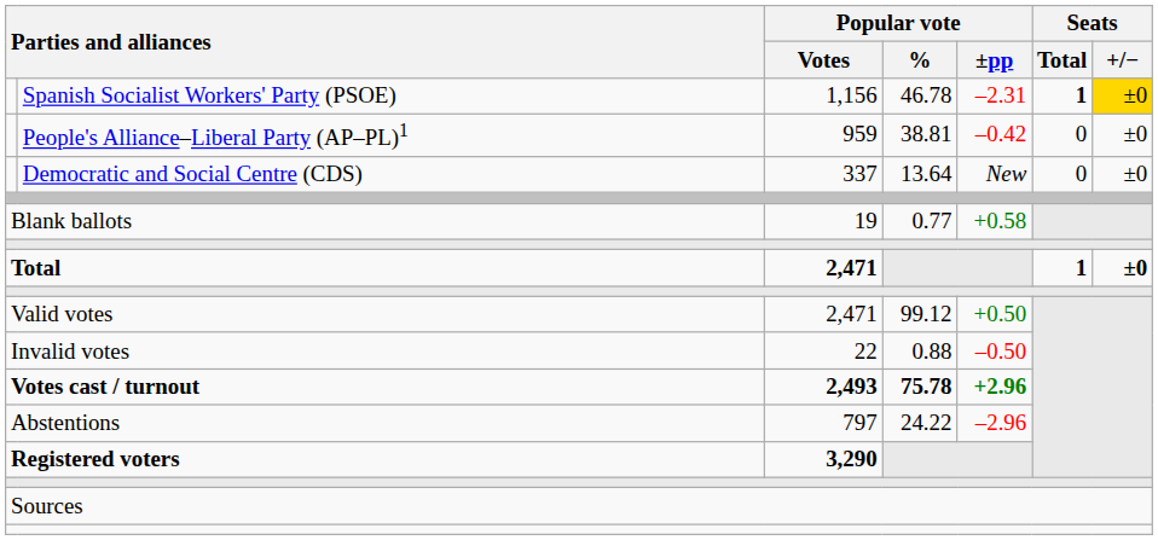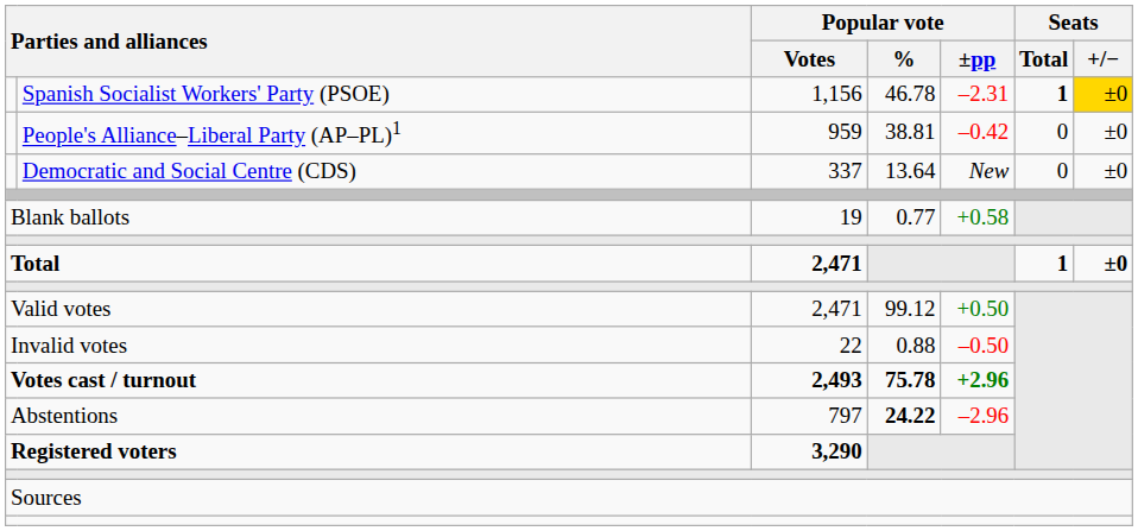 <table class="wikitable" style="text-align:right;">
 <tr>
 <th style="text-align:left;" rowspan="2" colspan="2" width="525">Parties and alliances</th>
 <th colspan="3">Popular vote</th>
 <th colspan="2">Seats</th>
 </tr>
 <tr>
 <th width="75">Votes</th>
 <th width="45">%</th>
 <th width="45">±<a href='#'>pp</a></th>
 <th width="35">Total</th>
 <th width="35">+/−</th>
 </tr>
 <tr>
 <td width="1" style="color:inherit;background:"></td>
 <td align="left"><a href='#'>Spanish Socialist Workers' Party</a> (PSOE)</td>
 <td>1,156</td>
 <td>46.78</td>
 <td style="color:red;">–2.31</td>
 <td><strong>1</strong></td>
 <td style="background: gold;">±0</td>
 </tr>
 <tr>
 <td style="color:inherit;background:"></td>
 <td align="left"><a href='#'>People's Alliance</a>–<a href='#'>Liberal Party</a> (AP–PL)<sup>1</sup></td>
 <td>959</td>
 <td>38.81</td>
 <td style="color:red;">–0.42</td>
 <td>0</td>
 <td>±0</td>
 </tr>
 <tr>
 <td style="color:inherit;background:"></td>
 <td align="left"><a href='#'>Democratic and Social Centre</a> (CDS)</td>
 <td>337</td>
 <td>13.64</td>
 <td><em>New</em></td>
 <td>0</td>
 <td>±0</td>
 </tr>
 <tr>
 <td colspan="7" bgcolor="#C0C0C0"></td>
 </tr>
 <tr>
 <td align="left" colspan="2">Blank ballots</td>
 <td>19</td>
 <td>0.77</td>
 <td style="color:green;">+0.58</td>
 <td bgcolor="#E9E9E9" colspan="2"></td>
 </tr>
 <tr>
 <td colspan="7" bgcolor="#E9E9E9"></td>
 </tr>
 <tr style="font-weight:bold;">
 <td align="left" colspan="2">Total</td>
 <td>2,471</td>
 <td bgcolor="#E9E9E9" colspan="2"></td>
 <td>1</td>
 <td>±0</td>
 </tr>
 <tr>
 <td colspan="7" bgcolor="#E9E9E9"></td>
 </tr>
 <tr>
 <td align="left" colspan="2">Valid votes</td>
 <td>2,471</td>
 <td>99.12</td>
 <td style="color:green;">+0.50</td>
 <td bgcolor="#E9E9E9" colspan="2" rowspan="5"></td>
 </tr>
 <tr>
 <td align="left" colspan="2">Invalid votes</td>
 <td>22</td>
 <td>0.88</td>
 <td style="color:red;">–0.50</td>
 </tr>
 <tr style="font-weight:bold;">
 <td align="left" colspan="2">Votes cast / turnout</td>
 <td>2,493</td>
 <td>75.78</td>
 <td style="color:green;">+2.96</td>
 </tr>
 <tr>
 <td align="left" colspan="2">Abstentions</td>
 <td>797</td>
-<td>24.22</td>
+<td><strong>24.22</strong></td>
 <td style="color:red;">–2.96</td>
 </tr>
 <tr style="font-weight:bold;">
 <td align="left" colspan="2">Registered voters</td>
 <td>3,290</td>
 <td bgcolor="#E9E9E9" colspan="2"></td>
 </tr>
 <tr>
 <td colspan="7" bgcolor="#E9E9E9"></td>
 </tr>
 <tr>
 <td align="left" colspan="7">Sources</td>
 </tr>
 <tr>
 <td colspan="7" style="text-align:left; max-width:790px;"></td>
 </tr>
 </table>
